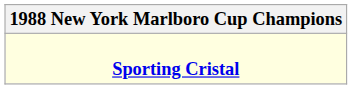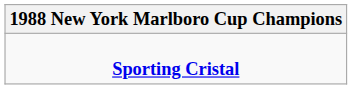 <table class=wikitable style="text-align:center; margin:auto">
 <tr>
 <th>1988 New York Marlboro Cup Champions</th>
 </tr>
 <tr>
-<td style="background: lightyellow;"><br><strong><a href='#'>Sporting Cristal</a></strong></td>
+<td><br><strong><a href='#'>Sporting Cristal</a></strong></td>
 </tr>
 </table>
